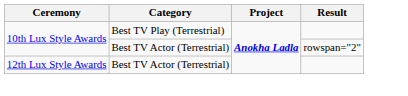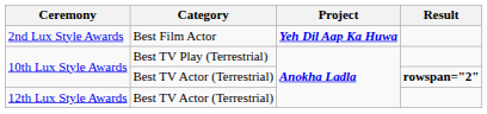 <table class="wikitable style">
 <tr>
 <th>Ceremony</th>
 <th>Category</th>
 <th>Project</th>
 <th>Result</th>
+</tr>
+<tr>
+<td><a href='#'>2nd Lux Style Awards</a></td>
+<td>Best Film Actor</td>
+<td><strong><em><a href='#'>Yeh Dil Aap Ka Huwa</a></em></strong></td>
+<td></td>
 </tr>
 <tr>
 <td rowspan="2"><a href='#'>10th Lux Style Awards</a></td>
 <td>Best TV Play (Terrestrial)</td>
 <td rowspan="3"><strong><em><a href='#'>Anokha Ladla</a></em></strong></td>
 <td></td>
 </tr>
 <tr>
 <td>Best TV Actor (Terrestrial)</td>
-<td>rowspan="2" </td>
+<td><strong>rowspan="2" </strong></td>
 </tr>
 <tr>
 <td><a href='#'>12th Lux Style Awards</a></td>
 <td>Best TV Actor (Terrestrial)</td>
 </tr>
 </table>
